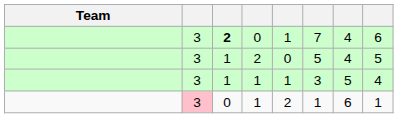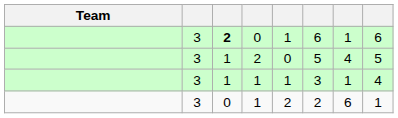 <table class="wikitable" style="text-align: center; font-size: 90%;">
 <tr>
 <th width=180>Team</th>
 <th width=25></th>
 <th width=25></th>
 <th width=25></th>
 <th width=25></th>
 <th width=25></th>
 <th width=25></th>
 <th width=25></th>
 </tr>
 <tr bgcolor=#ccffcc>
 <td align=left></td>
 <td>3</td>
 <td><strong>2</strong></td>
 <td>0</td>
 <td>1</td>
-<td>7</td>
-<td>4</td>
+<td>6</td>
+<td>1</td>
 <td>6</td>
 </tr>
 <tr bgcolor=#ccffcc>
 <td align=left></td>
 <td>3</td>
 <td>1</td>
 <td>2</td>
 <td>0</td>
 <td>5</td>
 <td>4</td>
 <td>5</td>
 </tr>
 <tr bgcolor=#ccffcc>
 <td align=left></td>
 <td>3</td>
 <td>1</td>
 <td>1</td>
 <td>1</td>
 <td>3</td>
-<td>5</td>
+<td>1</td>
 <td>4</td>
 </tr>
 <tr>
 <td align=left></td>
-<td style="background: pink;">3</td>
+<td>3</td>
 <td>0</td>
 <td>1</td>
 <td>2</td>
-<td>1</td>
+<td>2</td>
 <td>6</td>
 <td>1</td>
 </tr>
 </table>
